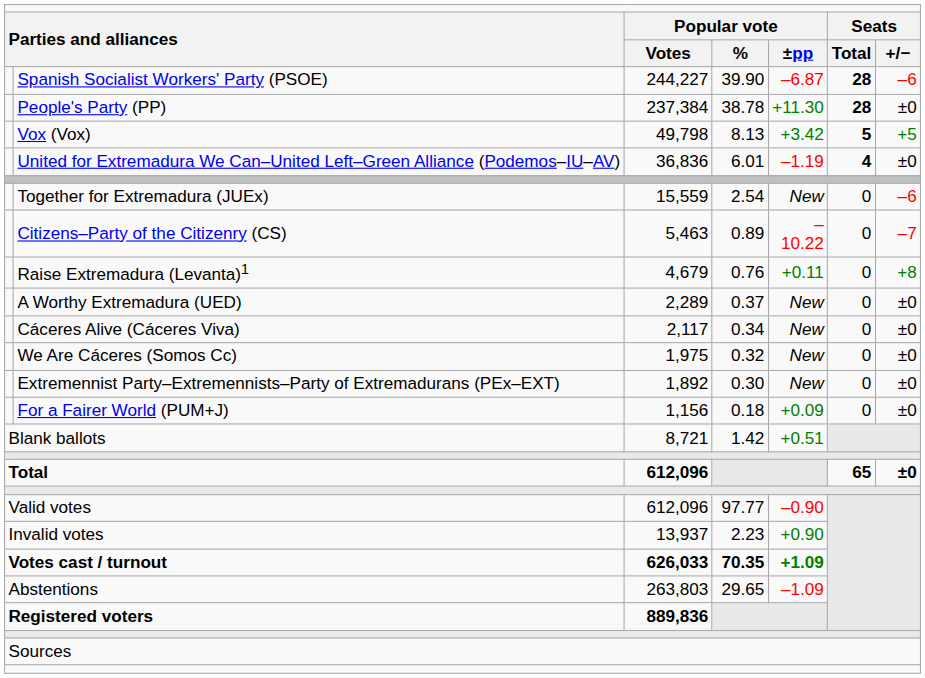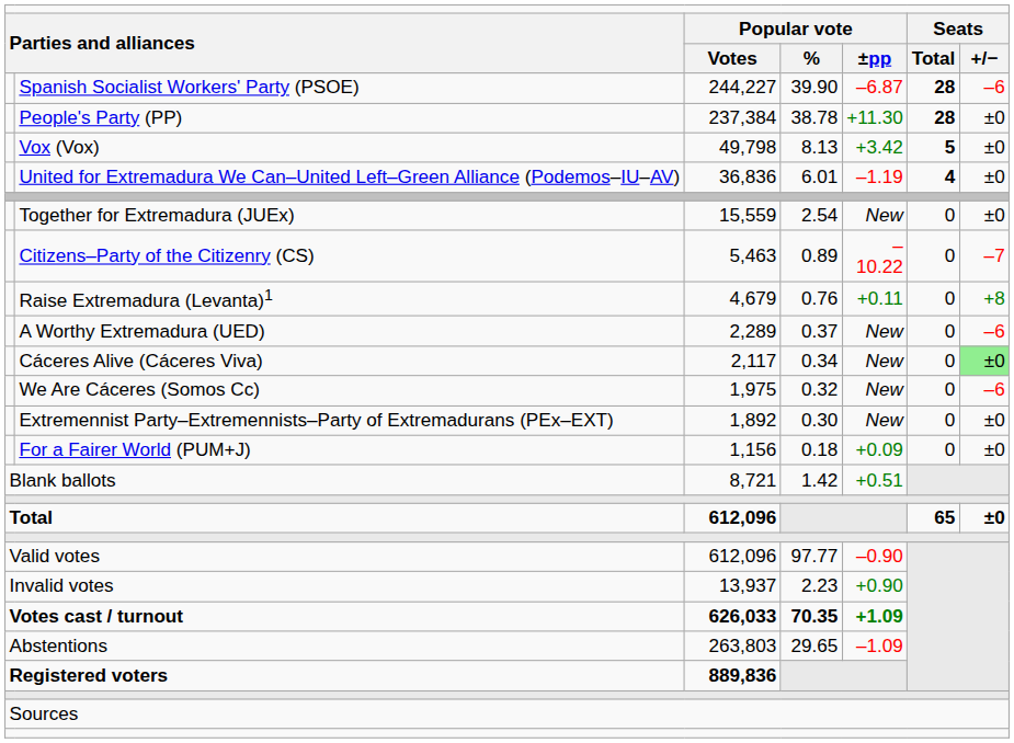 <table class="wikitable" style="text-align:right;">
 <tr>
 <td colspan="7"></td>
 </tr>
 <tr>
 <th style="text-align:left;" rowspan="2" colspan="2" width="525">Parties and alliances</th>
 <th colspan="3">Popular vote</th>
 <th colspan="2">Seats</th>
 </tr>
 <tr>
 <th width="75">Votes</th>
 <th width="45">%</th>
 <th width="45">±<a href='#'>pp</a></th>
 <th width="35">Total</th>
 <th width="35">+/−</th>
 </tr>
 <tr>
 <td width="1" style="color:inherit;background:"></td>
 <td align="left"><a href='#'>Spanish Socialist Workers' Party</a> (PSOE)</td>
 <td>244,227</td>
 <td>39.90</td>
 <td style="color:red;">–6.87</td>
 <td><strong>28</strong></td>
 <td style="color:red;">–6</td>
 </tr>
 <tr>
 <td style="color:inherit;background:"></td>
 <td align="left"><a href='#'>People's Party</a> (PP)</td>
 <td>237,384</td>
 <td>38.78</td>
 <td style="color:green;">+11.30</td>
 <td><strong>28</strong></td>
 <td>±0</td>
 </tr>
 <tr>
 <td style="color:inherit;background:"></td>
 <td align="left"><a href='#'>Vox</a> (Vox)</td>
 <td>49,798</td>
 <td>8.13</td>
 <td style="color:green;">+3.42</td>
 <td><strong>5</strong></td>
-<td style="color:green;">+5</td>
+<td>±0</td>
 </tr>
 <tr>
 <td style="color:inherit;background:"></td>
 <td align="left"><a href='#'>United for Extremadura We Can–United Left–Green Alliance</a> (<a href='#'>Podemos</a>–<a href='#'>IU</a>–<a href='#'>AV</a>)</td>
 <td>36,836</td>
 <td>6.01</td>
 <td style="color:red;">–1.19</td>
 <td><strong>4</strong></td>
 <td>±0</td>
 </tr>
 <tr>
 <td colspan="7" bgcolor="#C0C0C0"></td>
 </tr>
 <tr>
 <td style="color:inherit;background:"></td>
 <td align="left">Together for Extremadura (JUEx)</td>
 <td>15,559</td>
 <td>2.54</td>
 <td><em>New</em></td>
 <td>0</td>
-<td style="color:red;">–6</td>
+<td>±0</td>
 </tr>
 <tr>
 <td style="color:inherit;background:"></td>
 <td align="left"><a href='#'>Citizens–Party of the Citizenry</a> (CS)</td>
 <td>5,463</td>
 <td>0.89</td>
 <td style="color:red;">–10.22</td>
 <td>0</td>
 <td style="color:red;">–7</td>
 </tr>
 <tr>
 <td style="color:inherit;background:"></td>
 <td align="left">Raise Extremadura (Levanta)<sup>1</sup></td>
 <td>4,679</td>
 <td>0.76</td>
 <td style="color:green;">+0.11</td>
 <td>0</td>
 <td style="color:green;">+8</td>
 </tr>
 <tr>
 <td style="color:inherit;background:"></td>
 <td align="left">A Worthy Extremadura (UED)</td>
 <td>2,289</td>
 <td>0.37</td>
 <td><em>New</em></td>
 <td>0</td>
-<td>±0</td>
+<td style="color:red;">–6</td>
 </tr>
 <tr>
 <td style="color:inherit;background:"></td>
 <td align="left">Cáceres Alive (Cáceres Viva)</td>
 <td>2,117</td>
 <td>0.34</td>
 <td><em>New</em></td>
 <td>0</td>
-<td>±0</td>
+<td style="background: lightgreen;">±0</td>
 </tr>
 <tr>
 <td style="color:inherit;background:"></td>
 <td align="left">We Are Cáceres (Somos Cc)</td>
 <td>1,975</td>
 <td>0.32</td>
 <td><em>New</em></td>
 <td>0</td>
-<td>±0</td>
+<td style="color:red;">–6</td>
 </tr>
 <tr>
 <td style="color:inherit;background:"></td>
 <td align="left">Extremennist Party–Extremennists–Party of Extremadurans (PEx–EXT)</td>
 <td>1,892</td>
 <td>0.30</td>
 <td><em>New</em></td>
 <td>0</td>
 <td>±0</td>
 </tr>
 <tr>
 <td style="color:inherit;background:"></td>
 <td align="left"><a href='#'>For a Fairer World</a> (PUM+J)</td>
 <td>1,156</td>
 <td>0.18</td>
 <td style="color:green;">+0.09</td>
 <td>0</td>
 <td>±0</td>
 </tr>
 <tr>
 <td align="left" colspan="2">Blank ballots</td>
 <td>8,721</td>
 <td>1.42</td>
 <td style="color:green;">+0.51</td>
 <td bgcolor="#E9E9E9" colspan="2"></td>
 </tr>
 <tr>
 <td colspan="7" bgcolor="#E9E9E9"></td>
 </tr>
 <tr style="font-weight:bold;">
 <td align="left" colspan="2">Total</td>
 <td>612,096</td>
 <td bgcolor="#E9E9E9" colspan="2"></td>
 <td>65</td>
 <td>±0</td>
 </tr>
 <tr>
 <td colspan="7" bgcolor="#E9E9E9"></td>
 </tr>
 <tr>
 <td align="left" colspan="2">Valid votes</td>
 <td>612,096</td>
 <td>97.77</td>
 <td style="color:red;">–0.90</td>
 <td bgcolor="#E9E9E9" colspan="2" rowspan="5"></td>
 </tr>
 <tr>
 <td align="left" colspan="2">Invalid votes</td>
 <td>13,937</td>
 <td>2.23</td>
 <td style="color:green;">+0.90</td>
 </tr>
 <tr style="font-weight:bold;">
 <td align="left" colspan="2">Votes cast / turnout</td>
 <td>626,033</td>
 <td>70.35</td>
 <td style="color:green;">+1.09</td>
 </tr>
 <tr>
 <td align="left" colspan="2">Abstentions</td>
 <td>263,803</td>
 <td>29.65</td>
 <td style="color:red;">–1.09</td>
 </tr>
 <tr style="font-weight:bold;">
 <td align="left" colspan="2">Registered voters</td>
 <td>889,836</td>
 <td bgcolor="#E9E9E9" colspan="2"></td>
 </tr>
 <tr>
 <td colspan="7" bgcolor="#E9E9E9"></td>
 </tr>
 <tr>
 <td align="left" colspan="7">Sources</td>
 </tr>
 <tr>
 <td colspan="7" style="text-align:left; max-width:790px;"></td>
 </tr>
 </table>
